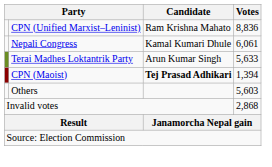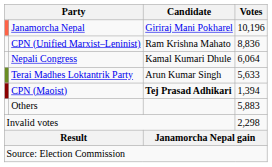 <table class="wikitable">
 <tr>
 <th colspan="2">Party</th>
 <th>Candidate</th>
 <th>Votes</th>
+</tr>
+<tr>
+<td style="background-color:tomato"></td>
+<td><a href='#'>Janamorcha Nepal</a></td>
+<td><a href='#'>Giriraj Mani Pokharel</a></td>
+<td>10,196</td>
 </tr>
 <tr>
 <td style="background-color:"></td>
 <td><a href='#'>CPN (Unified Marxist–Leninist)</a></td>
 <td>Ram Krishna Mahato</td>
 <td>8,836</td>
 </tr>
 <tr>
 <td style="background-color:"></td>
 <td><a href='#'>Nepali Congress</a></td>
 <td>Kamal Kumari Dhule</td>
-<td>6,061</td>
+<td>6,064</td>
 </tr>
 <tr>
 <td style="background-color:olivedrab"></td>
 <td><a href='#'>Terai Madhes Loktantrik Party</a></td>
 <td>Arun Kumar Singh</td>
 <td>5,633</td>
 </tr>
 <tr>
 <td style="background-color:darkred"></td>
 <td><a href='#'>CPN (Maoist)</a></td>
 <td><strong>Tej Prasad Adhikari</strong></td>
 <td>1,394</td>
 </tr>
 <tr>
 <td></td>
 <td>Others</td>
 <td></td>
-<td>5,603</td>
+<td>5,883</td>
 </tr>
 <tr>
 <td colspan="3">Invalid votes</td>
-<td>2,868</td>
+<td>2,298</td>
 </tr>
 <tr>
 <th colspan="2">Result</th>
 <th colspan="2">Janamorcha Nepal gain</th>
 </tr>
 <tr>
 <td colspan="4">Source: Election Commission</td>
 </tr>
 </table>
